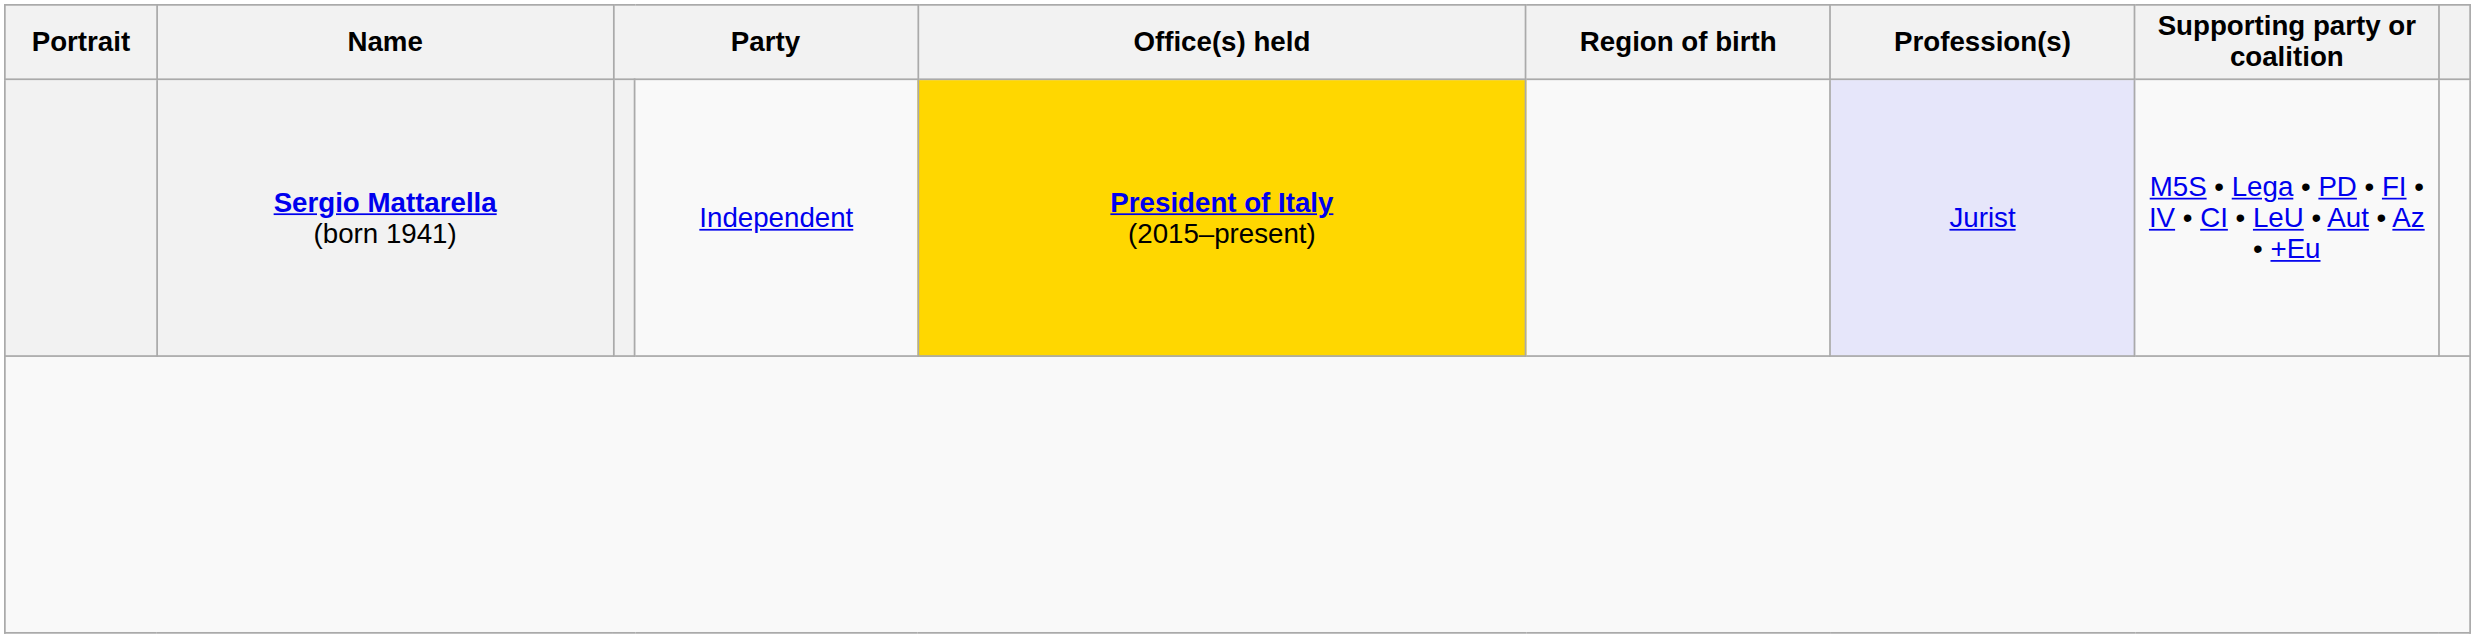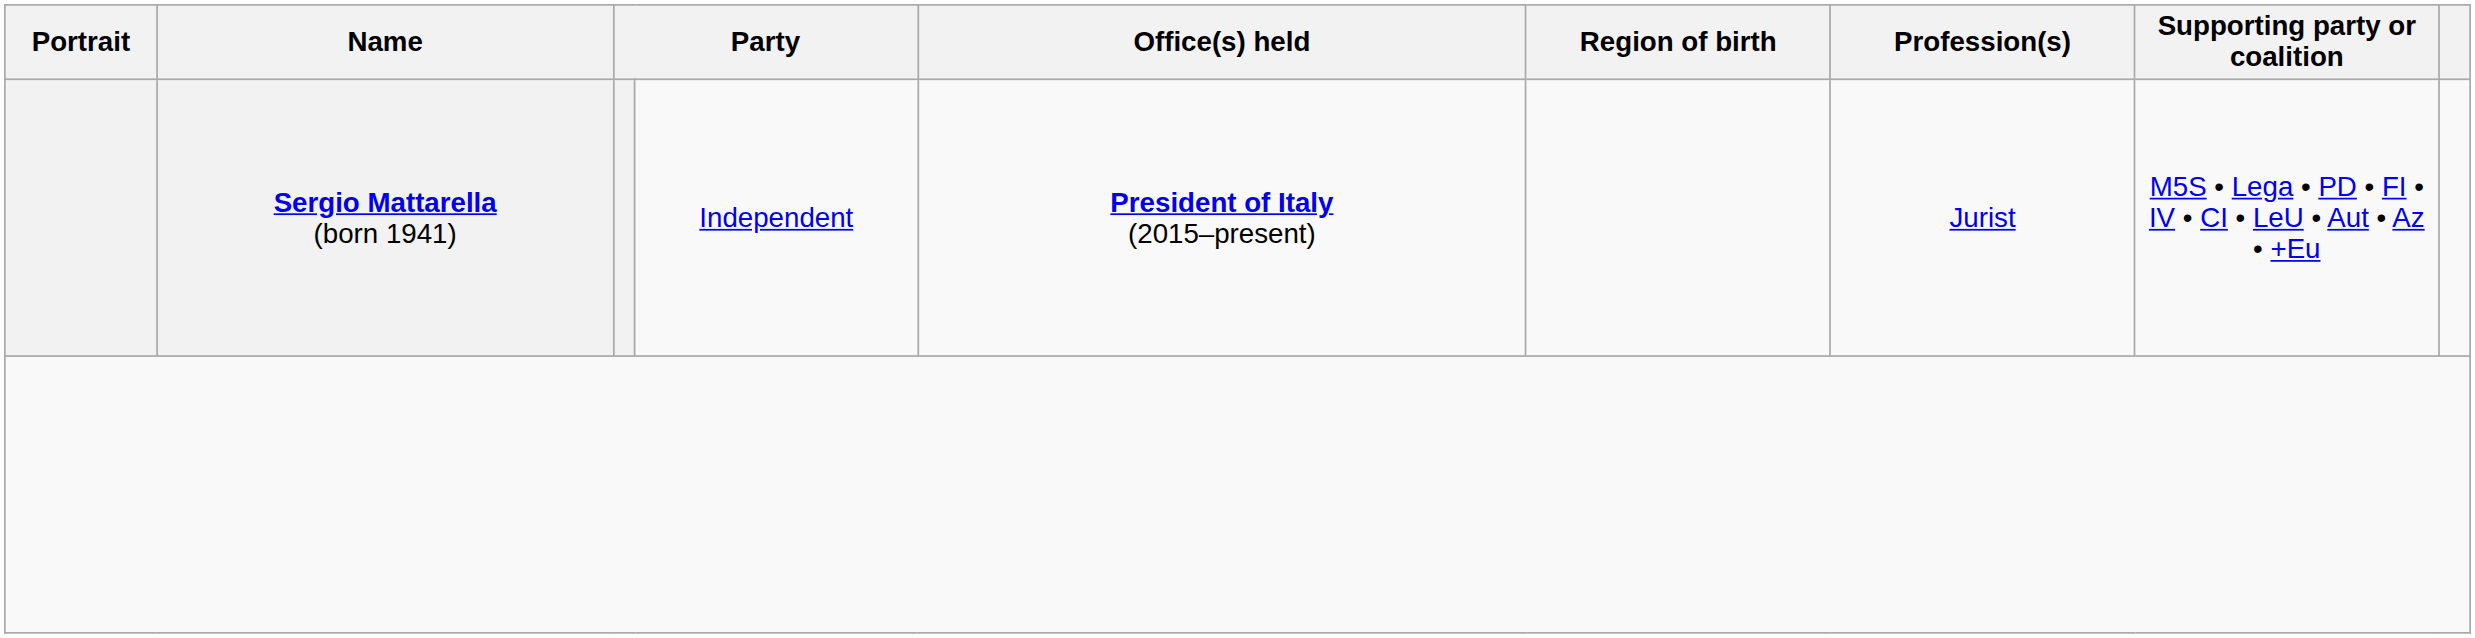 <table class="wikitable" style="text-align:center; style=" width="90%">
 <tr>
 <th width="5%">Portrait</th>
 <th width="15%">Name</th>
 <th colspan="2" width=10%>Party</th>
 <th width="20%">Office(s) held</th>
 <th width="10%">Region of birth</th>
 <th width="10%">Profession(s)</th>
 <th width="10%">Supporting party or coalition</th>
 <th width="1%"></th>
 </tr>
 <tr style="height:10em;">
 <th></th>
 <th style="font-weight:normal"><strong><a href='#'>Sergio Mattarella</a></strong><br>(born 1941)</th>
 <th style="background-color:"></th>
 <td><a href='#'>Independent</a></td>
-<td style="background: gold;"><strong><a href='#'>President of Italy</a></strong><br>(2015–present)<br></td>
+<td><strong><a href='#'>President of Italy</a></strong><br>(2015–present)<br></td>
 <td></td>
-<td style="background: lavender;"><a href='#'>Jurist</a></td>
+<td><a href='#'>Jurist</a></td>
 <td><a href='#'>M5S</a> • <a href='#'>Lega</a> • <a href='#'>PD</a> • <a href='#'>FI</a> • <a href='#'>IV</a> • <a href='#'>CI</a> • <a href='#'>LeU</a> • <a href='#'>Aut</a> • <a href='#'>Az</a> • <a href='#'>+Eu</a></td>
 <td></td>
 </tr>
 <tr style="height:10em;">
 </tr>
 </table>
